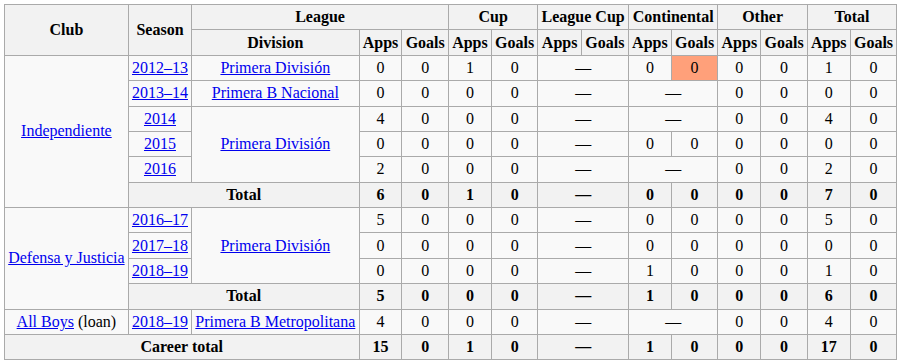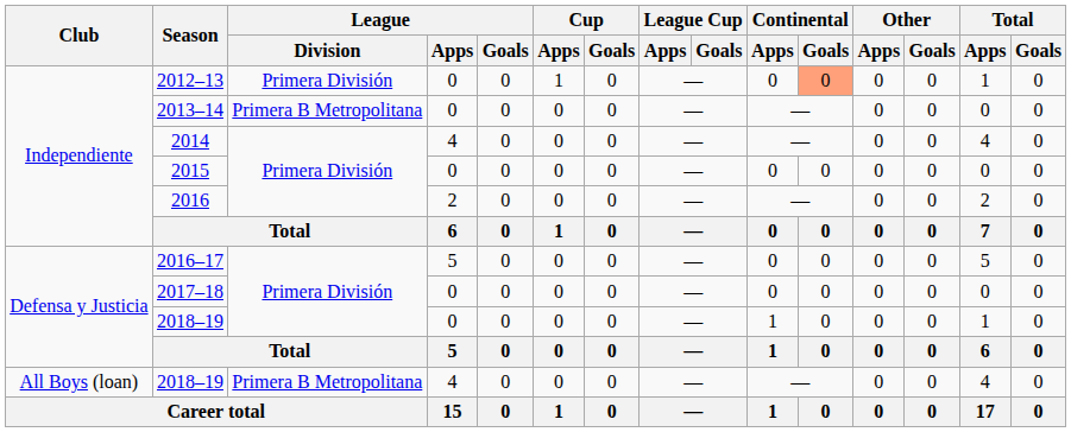 <table class="wikitable" style="text-align:center">
 <tr>
 <th rowspan="2">Club</th>
 <th rowspan="2">Season</th>
 <th colspan="3">League</th>
 <th colspan="2">Cup</th>
 <th colspan="2">League Cup</th>
 <th colspan="2">Continental</th>
 <th colspan="2">Other</th>
 <th colspan="2">Total</th>
 </tr>
 <tr>
 <th>Division</th>
 <th>Apps</th>
 <th>Goals</th>
 <th>Apps</th>
 <th>Goals</th>
 <th>Apps</th>
 <th>Goals</th>
 <th>Apps</th>
 <th>Goals</th>
 <th>Apps</th>
 <th>Goals</th>
 <th>Apps</th>
 <th>Goals</th>
 </tr>
 <tr>
 <td rowspan="6"><a href='#'>Independiente</a></td>
 <td><a href='#'>2012–13</a></td>
 <td rowspan="1"><a href='#'>Primera División</a></td>
 <td>0</td>
 <td>0</td>
 <td>1</td>
 <td>0</td>
 <td colspan="2">—</td>
 <td>0</td>
 <td style="background: lightsalmon;">0</td>
 <td>0</td>
 <td>0</td>
 <td>1</td>
 <td>0</td>
 </tr>
 <tr>
 <td><a href='#'>2013–14</a></td>
-<td rowspan="1"><a href='#'>Primera B Nacional</a></td>
+<td rowspan="1"><a href='#'>Primera B Metropolitana</a></td>
 <td>0</td>
 <td>0</td>
 <td>0</td>
 <td>0</td>
 <td colspan="2">—</td>
 <td colspan="2">—</td>
 <td>0</td>
 <td>0</td>
 <td>0</td>
 <td>0</td>
 </tr>
 <tr>
 <td><a href='#'>2014</a></td>
 <td rowspan="3"><a href='#'>Primera División</a></td>
 <td>4</td>
 <td>0</td>
 <td>0</td>
 <td>0</td>
 <td colspan="2">—</td>
 <td colspan="2">—</td>
 <td>0</td>
 <td>0</td>
 <td>4</td>
 <td>0</td>
 </tr>
 <tr>
 <td><a href='#'>2015</a></td>
 <td>0</td>
 <td>0</td>
 <td>0</td>
 <td>0</td>
 <td colspan="2">—</td>
 <td>0</td>
 <td>0</td>
 <td>0</td>
 <td>0</td>
 <td>0</td>
 <td>0</td>
 </tr>
 <tr>
 <td><a href='#'>2016</a></td>
 <td>2</td>
 <td>0</td>
 <td>0</td>
 <td>0</td>
 <td colspan="2">—</td>
 <td colspan="2">—</td>
 <td>0</td>
 <td>0</td>
 <td>2</td>
 <td>0</td>
 </tr>
 <tr>
 <th colspan="2">Total</th>
 <th>6</th>
 <th>0</th>
 <th>1</th>
 <th>0</th>
 <th colspan="2">—</th>
 <th>0</th>
 <th>0</th>
 <th>0</th>
 <th>0</th>
 <th>7</th>
 <th>0</th>
 </tr>
 <tr>
 <td rowspan="4"><a href='#'>Defensa y Justicia</a></td>
 <td><a href='#'>2016–17</a></td>
 <td rowspan="3"><a href='#'>Primera División</a></td>
 <td>5</td>
 <td>0</td>
 <td>0</td>
 <td>0</td>
 <td colspan="2">—</td>
 <td>0</td>
 <td>0</td>
 <td>0</td>
 <td>0</td>
 <td>5</td>
 <td>0</td>
 </tr>
 <tr>
 <td><a href='#'>2017–18</a></td>
 <td>0</td>
 <td>0</td>
 <td>0</td>
 <td>0</td>
 <td colspan="2">—</td>
 <td>0</td>
 <td>0</td>
 <td>0</td>
 <td>0</td>
 <td>0</td>
 <td>0</td>
 </tr>
 <tr>
 <td><a href='#'>2018–19</a></td>
 <td>0</td>
 <td>0</td>
 <td>0</td>
 <td>0</td>
 <td colspan="2">—</td>
 <td>1</td>
 <td>0</td>
 <td>0</td>
 <td>0</td>
 <td>1</td>
 <td>0</td>
 </tr>
 <tr>
 <th colspan="2">Total</th>
 <th>5</th>
 <th>0</th>
 <th>0</th>
 <th>0</th>
 <th colspan="2">—</th>
 <th>1</th>
 <th>0</th>
 <th>0</th>
 <th>0</th>
 <th>6</th>
 <th>0</th>
 </tr>
 <tr>
 <td rowspan="1"><a href='#'>All Boys</a> (loan)</td>
 <td><a href='#'>2018–19</a></td>
 <td rowspan="1"><a href='#'>Primera B Metropolitana</a></td>
 <td>4</td>
 <td>0</td>
 <td>0</td>
 <td>0</td>
 <td colspan="2">—</td>
 <td colspan="2">—</td>
 <td>0</td>
 <td>0</td>
 <td>4</td>
 <td>0</td>
 </tr>
 <tr>
 <th colspan="3">Career total</th>
 <th>15</th>
 <th>0</th>
 <th>1</th>
 <th>0</th>
 <th colspan="2">—</th>
 <th>1</th>
 <th>0</th>
 <th>0</th>
 <th>0</th>
 <th>17</th>
 <th>0</th>
 </tr>
 </table>
